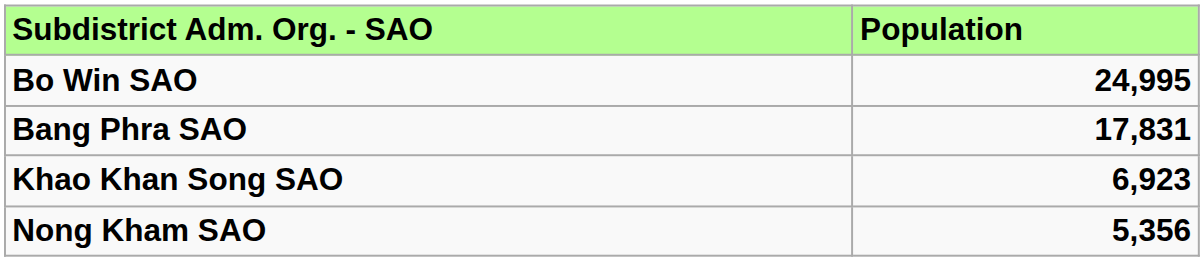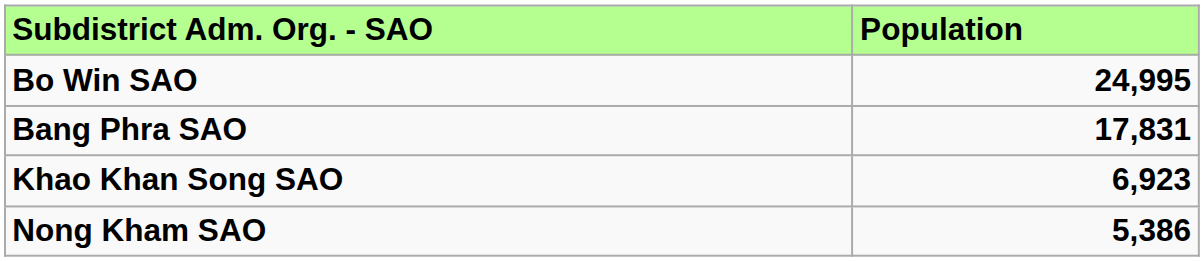 <table class="wikitable" style="width:48%; display:inline-table;">
 <tr>
 <td style= "background: #b4ff90;"><strong>Subdistrict Adm. Org. - SAO</strong></td>
 <td style= "background: #b4ff90; taxt-align:center;"><strong>Population</strong></td>
 </tr>
 <tr>
 <td><strong>Bo Win SAO</strong></td>
 <td style="text-align:right;"><strong>24,995</strong></td>
 </tr>
 <tr>
 <td><strong>Bang Phra SAO</strong></td>
 <td style="text-align:right;"><strong>17,831</strong></td>
 </tr>
 <tr>
 <td><strong>Khao Khan Song SAO</strong></td>
 <td style="text-align:right;"><strong>6,923</strong></td>
 </tr>
 <tr>
 <td><strong>Nong Kham SAO</strong></td>
-<td style="text-align:right;"><strong>5,356</strong></td>
+<td style="text-align:right;"><strong>5,386</strong></td>
 </tr>
 </table>
